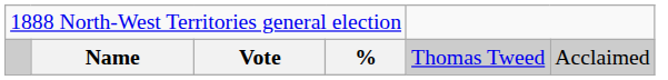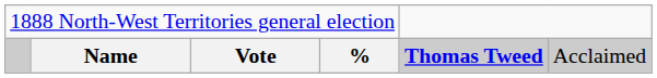 <table class="wikitable">
 <tr>
 <td colspan=4 align=center><a href='#'>1888 North-West Territories general election</a></td>
 </tr>
 <tr bgcolor="CCCCCC">
 <td></td>
 <th>Name</th>
 <th>Vote</th>
 <th>%<br></th>
-<td><a href='#'>Thomas Tweed</a></td>
+<td><strong><a href='#'>Thomas Tweed</a></strong></td>
 <td colspan="2" align=center>Acclaimed</td>
 </tr>
 </table>
